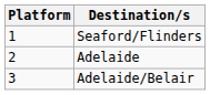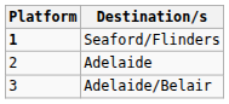 <table class="wikitable">
 <tr>
 <th>Platform</th>
 <th>Destination/s</th>
 </tr>
 <tr>
-<td style=background:#><span>1</span></td>
+<td style=background:#><strong><span>1</span></strong></td>
 <td>Seaford/Flinders</td>
 </tr>
 <tr>
 <td style=background:#><span>2</span></td>
 <td>Adelaide</td>
 </tr>
 <tr>
 <td style=background:#><span>3</span></td>
 <td>Adelaide/Belair</td>
 </tr>
 </table>
